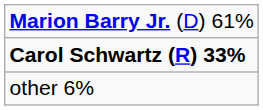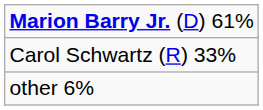 <table class="wikitable">
 <tr>
 <td><strong><a href='#'>Marion Barry Jr.</a></strong> (<a href='#'>D</a>) 61%</td>
 </tr>
 <tr>
-<td><strong>Carol Schwartz (<a href='#'>R</a>) 33%</strong></td>
+<td>Carol Schwartz (<a href='#'>R</a>) 33%</td>
 </tr>
 <tr>
 <td>other 6%</td>
 </tr>
 </table>
